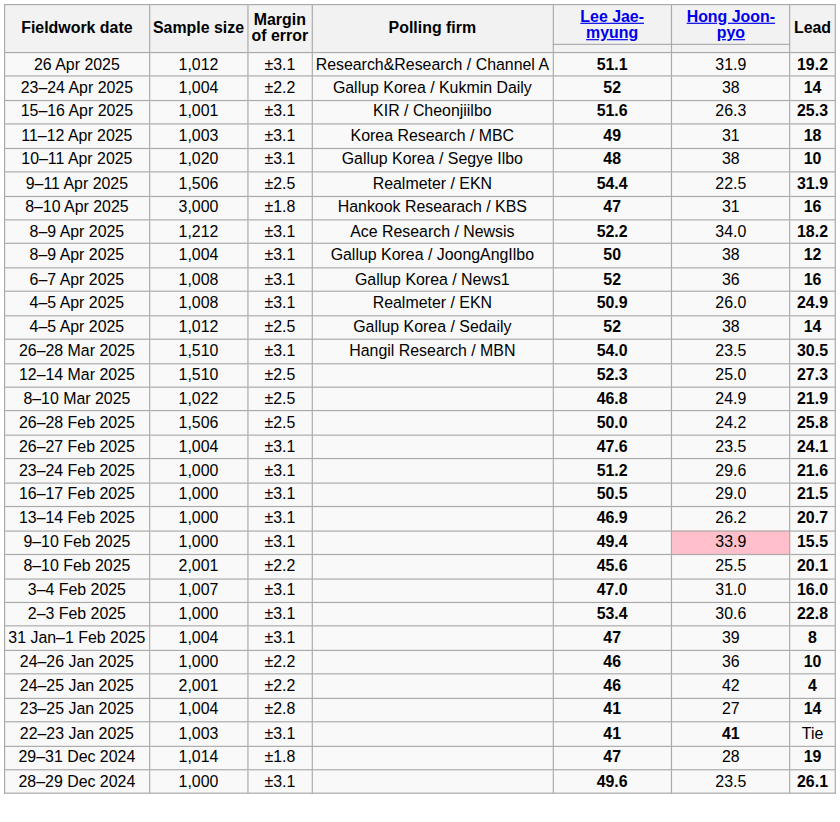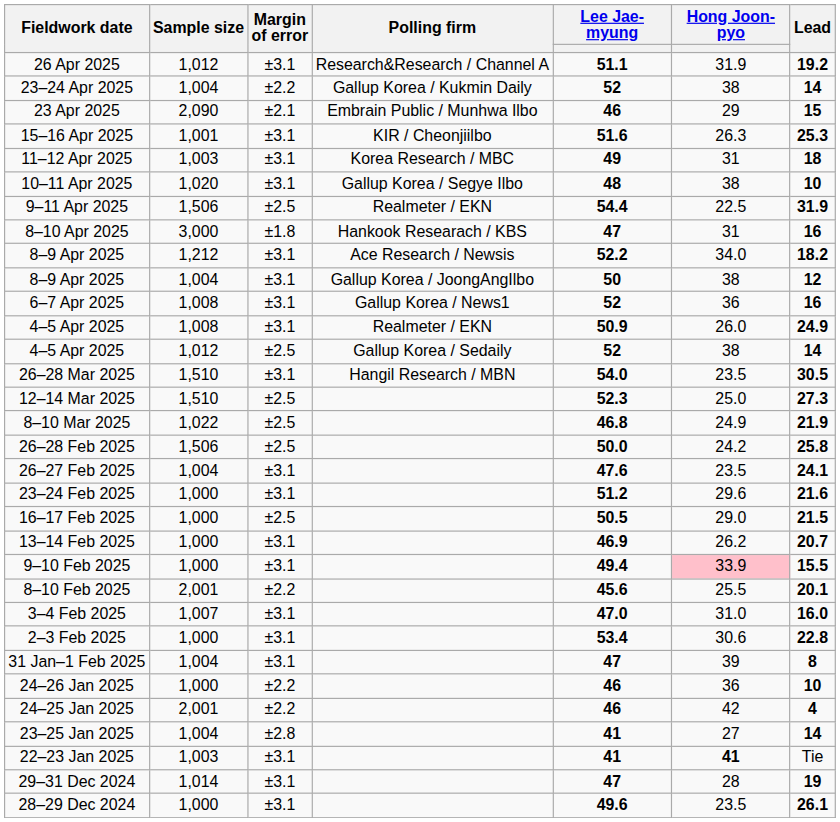 <table class="wikitable tpl-blanktable sortable tpl-blanktable mw-collapsible" style="text-align:center; font-size:85%; line-height:14px">
 <tr>
 <th class="unsortable" rowspan="2">Fieldwork date</th>
 <th class="unsortable" rowspan="2">Sample size</th>
 <th class="unsortable" rowspan="2">Margin<br>of error</th>
 <th class="unsortable" rowspan="2">Polling firm</th>
 <th class="unsortable" colspan="1" style="width:95px"><a href='#'>Lee Jae-myung</a></th>
 <th class="unsortable" colspan="1" style="width:95px"><a href='#'>Hong Joon-pyo</a></th>
 <th rowspan="2" class="unsortable">Lead</th>
 </tr>
 <tr>
 <th colspan="1" style="background:"></th>
 <th colspan="1" style="background:"></th>
 </tr>
 <tr>
 <td data-sort-value="2025-4-26">26 Apr 2025</td>
 <td>1,012</td>
 <td>±3.1</td>
 <td>Research&Research / Channel A</td>
 <td><strong>51.1</strong></td>
 <td>31.9</td>
 <td style="background:"><strong>19.2</strong></td>
 </tr>
 <tr>
 <td data-sort-value="2025-4-24">23–24 Apr 2025</td>
 <td>1,004</td>
 <td>±2.2</td>
 <td>Gallup Korea / Kukmin Daily</td>
 <td><strong>52</strong></td>
 <td>38</td>
 <td style="background:"><strong>14</strong></td>
+</tr>
+<tr>
+<td data-sort-value="2025-4-23">23 Apr 2025</td>
+<td>2,090</td>
+<td>±2.1</td>
+<td>Embrain Public / Munhwa Ilbo</td>
+<td><strong>46</strong></td>
+<td>29</td>
+<td style="background:"><strong>15</strong></td>
 </tr>
 <tr>
 <td data-sort-value="2025-4-16">15–16 Apr 2025</td>
 <td>1,001</td>
 <td>±3.1</td>
 <td>KIR / Cheonjiilbo</td>
 <td><strong>51.6</strong></td>
 <td>26.3</td>
 <td style="background:"><strong>25.3</strong></td>
 </tr>
 <tr>
 <td data-sort-value="2025-4-12">11–12 Apr 2025</td>
 <td>1,003</td>
 <td>±3.1</td>
 <td>Korea Research / MBC</td>
 <td><strong>49</strong></td>
 <td>31</td>
 <td style="background:"><strong>18</strong></td>
 </tr>
 <tr>
 <td data-sort-value="2025-4-11">10–11 Apr 2025</td>
 <td>1,020</td>
 <td>±3.1</td>
 <td>Gallup Korea / Segye Ilbo</td>
 <td><strong>48</strong></td>
 <td>38</td>
 <td style="background:"><strong>10</strong></td>
 </tr>
 <tr>
 <td data-sort-value="2025-4-11">9–11 Apr 2025</td>
 <td>1,506</td>
 <td>±2.5</td>
 <td>Realmeter / EKN</td>
 <td><strong>54.4</strong></td>
 <td>22.5</td>
 <td style="background:"><strong>31.9</strong></td>
 </tr>
 <tr>
 <td data-sort-value="2025-4-10">8–10 Apr 2025</td>
 <td>3,000</td>
 <td>±1.8</td>
 <td>Hankook Researach / KBS</td>
 <td><strong>47</strong></td>
 <td>31</td>
 <td style="background:"><strong>16</strong></td>
 </tr>
 <tr>
 <td data-sort-value="2025-4-9">8–9 Apr 2025</td>
 <td>1,212</td>
 <td>±3.1</td>
 <td>Ace Research / Newsis</td>
 <td><strong>52.2</strong></td>
 <td>34.0</td>
 <td style="background:"><strong>18.2</strong></td>
 </tr>
 <tr>
 <td data-sort-value="2025-4-9">8–9 Apr 2025</td>
 <td>1,004</td>
 <td>±3.1</td>
 <td>Gallup Korea / JoongAngIlbo</td>
 <td><strong>50</strong></td>
 <td>38</td>
 <td style="background:"><strong>12</strong></td>
 </tr>
 <tr>
 <td data-sort-value="2025-4-7">6–7 Apr 2025</td>
 <td>1,008</td>
 <td>±3.1</td>
 <td>Gallup Korea / News1</td>
 <td><strong>52</strong></td>
 <td>36</td>
 <td style="background:"><strong>16</strong></td>
 </tr>
 <tr>
 <td data-sort-value="2025-4-5">4–5 Apr 2025</td>
 <td>1,008</td>
 <td>±3.1</td>
 <td>Realmeter / EKN</td>
 <td><strong>50.9</strong></td>
 <td>26.0</td>
 <td style="background:"><strong>24.9</strong></td>
 </tr>
 <tr>
 <td data-sort-value="2025-4-5">4–5 Apr 2025</td>
 <td>1,012</td>
 <td>±2.5</td>
 <td>Gallup Korea / Sedaily</td>
 <td><strong>52</strong></td>
 <td>38</td>
 <td style="background:"><strong>14</strong></td>
 </tr>
 <tr>
 <td data-sort-value="2025-3-28">26–28 Mar 2025</td>
 <td>1,510</td>
 <td>±3.1</td>
 <td>Hangil Research / MBN</td>
 <td><strong>54.0</strong></td>
 <td>23.5</td>
 <td style="background:"><strong>30.5</strong></td>
 </tr>
 <tr>
 <td data-sort-value="2025-3-14">12–14 Mar 2025</td>
 <td>1,510</td>
 <td>±2.5</td>
 <td></td>
 <td><strong>52.3</strong></td>
 <td>25.0</td>
 <td style="background:"><strong>27.3</strong></td>
 </tr>
 <tr>
 <td data-sort-value="2025-3-10">8–10 Mar 2025</td>
 <td>1,022</td>
 <td>±2.5</td>
 <td></td>
 <td><strong>46.8</strong></td>
 <td>24.9</td>
 <td style="background:"><strong>21.9</strong></td>
 </tr>
 <tr>
 <td data-sort-value="2025-2-28">26–28 Feb 2025</td>
 <td>1,506</td>
 <td>±2.5</td>
 <td></td>
 <td><strong>50.0</strong></td>
 <td>24.2</td>
 <td style="background:"><strong>25.8</strong></td>
 </tr>
 <tr>
 <td data-sort-value="2025-2-27">26–27 Feb 2025</td>
 <td>1,004</td>
 <td>±3.1</td>
 <td></td>
 <td><strong>47.6</strong></td>
 <td>23.5</td>
 <td style="background:"><strong>24.1</strong></td>
 </tr>
 <tr>
 <td data-sort-value="2025-2-24">23–24 Feb 2025</td>
 <td>1,000</td>
 <td>±3.1</td>
 <td></td>
 <td><strong>51.2</strong></td>
 <td>29.6</td>
 <td style="background:"><strong>21.6</strong></td>
 </tr>
 <tr>
 <td data-sort-value="2025-2-17">16–17 Feb 2025</td>
 <td>1,000</td>
-<td>±3.1</td>
+<td>±2.5</td>
 <td></td>
 <td><strong>50.5</strong></td>
 <td>29.0</td>
 <td style="background:"><strong>21.5</strong></td>
 </tr>
 <tr>
 <td data-sort-value="2025-2-14">13–14 Feb 2025</td>
 <td>1,000</td>
 <td>±3.1</td>
 <td></td>
 <td><strong>46.9</strong></td>
 <td>26.2</td>
 <td style="background:"><strong>20.7</strong></td>
 </tr>
 <tr>
 <td data-sort-value="2025-2-10">9–10 Feb 2025</td>
 <td>1,000</td>
 <td>±3.1</td>
 <td></td>
 <td><strong>49.4</strong></td>
 <td style="background: pink;">33.9</td>
 <td style="background:"><strong>15.5</strong></td>
 </tr>
 <tr>
 <td data-sort-value="2025-2-10">8–10 Feb 2025</td>
 <td>2,001</td>
 <td>±2.2</td>
 <td></td>
 <td><strong>45.6</strong></td>
 <td>25.5</td>
 <td style="background:"><strong>20.1</strong></td>
 </tr>
 <tr>
 <td data-sort-value="2025-2-4">3–4 Feb 2025</td>
 <td>1,007</td>
 <td>±3.1</td>
 <td></td>
 <td><strong>47.0</strong></td>
 <td>31.0</td>
 <td style="background:"><strong>16.0</strong></td>
 </tr>
 <tr>
 <td data-sort-value="2025-2-3">2–3 Feb 2025</td>
 <td>1,000</td>
 <td>±3.1</td>
 <td></td>
 <td><strong>53.4</strong></td>
 <td>30.6</td>
 <td style="background:"><strong>22.8</strong></td>
 </tr>
 <tr>
 <td data-sort-value="2025-2-1">31 Jan–1 Feb 2025</td>
 <td>1,004</td>
 <td>±3.1</td>
 <td></td>
 <td><strong>47</strong></td>
 <td>39</td>
 <td style="background:"><strong>8</strong></td>
 </tr>
 <tr>
 <td data-sort-value="2025-1-26">24–26 Jan 2025</td>
 <td>1,000</td>
 <td>±2.2</td>
 <td></td>
 <td><strong>46</strong></td>
 <td>36</td>
 <td style="background:"><strong>10</strong></td>
 </tr>
 <tr>
 <td data-sort-value="2025-1-25">24–25 Jan 2025</td>
 <td>2,001</td>
 <td>±2.2</td>
 <td></td>
 <td><strong>46</strong></td>
 <td>42</td>
 <td style="background:"><strong>4</strong></td>
 </tr>
 <tr>
 <td data-sort-value="2025-1-25">23–25 Jan 2025</td>
 <td>1,004</td>
 <td>±2.8</td>
 <td></td>
 <td><strong>41</strong></td>
 <td>27</td>
 <td style="background:"><strong>14</strong></td>
 </tr>
 <tr>
 <td data-sort-value="2025-1-23">22–23 Jan 2025</td>
 <td>1,003</td>
 <td>±3.1</td>
 <td></td>
 <td><strong>41</strong></td>
 <td><strong>41</strong></td>
 <td>Tie</td>
 </tr>
 <tr>
 <td data-sort-value="2024-12-31">29–31 Dec 2024</td>
 <td>1,014</td>
-<td>±1.8</td>
+<td>±3.1</td>
 <td></td>
 <td><strong>47</strong></td>
 <td>28</td>
 <td style="background:"><strong>19</strong></td>
 </tr>
 <tr>
 <td data-sort-value="2024-12-29">28–29 Dec 2024</td>
 <td>1,000</td>
 <td>±3.1</td>
 <td></td>
 <td><strong>49.6</strong></td>
 <td>23.5</td>
 <td style="background:"><strong>26.1</strong></td>
 </tr>
 </table>
